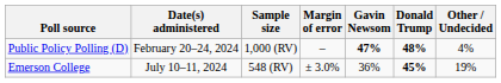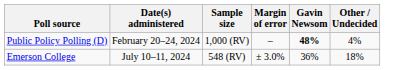 <table class="wikitable sortable mw-datatable" style="font-size:90%;text-align:center;line-height:17px">
 <tr valign=bottom>
 <th>Poll source</th>
 <th>Date(s)<br>administered</th>
 <th>Sample<br>size</th>
 <th>Margin<br>of error</th>
 <th class="unsortable">Gavin<br>Newsom<br></th>
-<th class="unsortable">Donald<br>Trump<br></th>
 <th class="unsortable">Other /<br>Undecided</th>
 </tr>
 <tr>
 <td style="text-align:left;"><a href='#'>Public Policy Polling (D)</a></td>
 <td data-sort-value="2024-02-26">February 20–24, 2024</td>
 <td>1,000 (RV)</td>
 <td>–</td>
-<td><strong>47%</strong></td>
 <td><strong>48%</strong></td>
 <td>4%</td>
 </tr>
 <tr>
 <td style="text-align:left;"><a href='#'>Emerson College</a></td>
 <td data-sort-value="2024-07-22">July 10–11, 2024</td>
 <td>548 (RV)</td>
 <td>± 3.0%</td>
 <td>36%</td>
-<td style="background-color:"><strong>45%</strong></td>
-<td>19%</td>
+<td>18%</td>
 </tr>
 </table>
